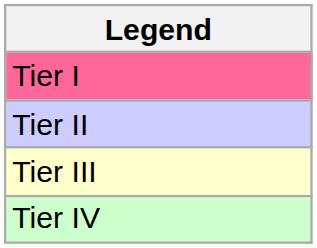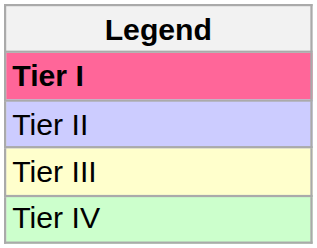 <table class="wikitable" style="font-size:85%; width:11%;">
 <tr>
 <th>Legend</th>
 </tr>
 <tr bgcolor="#FF6699">
-<td>Tier I</td>
+<td><strong>Tier I</strong></td>
 </tr>
 <tr bgcolor="#CCCCFF">
 <td>Tier II</td>
 </tr>
 <tr bgcolor="#FFFFCC">
 <td>Tier III</td>
 </tr>
 <tr bgcolor="#CCFFCC">
 <td>Tier IV</td>
 </tr>
 </table>
